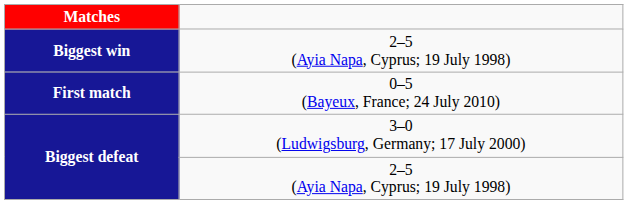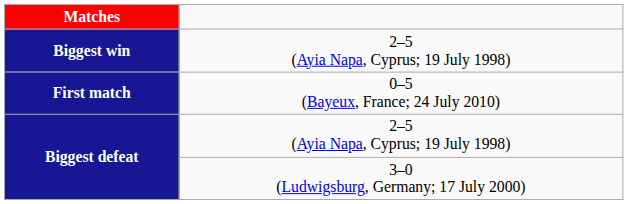 <table class="wikitable collapsible" style="width:50%; text-align:center;">
 <tr>
 <th style="background:#ff0000; color:white; "><strong>Matches</strong></th>
 </tr>
 <tr>
 <th style="background:#171796; color:white; ">Biggest win</th>
 <td> 2–5 <br>(<a href='#'>Ayia Napa</a>, Cyprus; 19 July 1998)</td>
 </tr>
 <tr>
 <th style="background:#171796; color:white; ">First match</th>
 <td> 0–5 <br>(<a href='#'>Bayeux</a>, France; 24 July 2010)</td>
 </tr>
 <tr>
 <th rowspan=2 style="background:#171796; color:white; ">Biggest defeat</th>
+<td> 2–5 <br>(<a href='#'>Ayia Napa</a>, Cyprus; 19 July 1998)</td>
+</tr>
+<tr>
 <td> 3–0 <br>(<a href='#'>Ludwigsburg</a>, Germany; 17 July 2000)</td>
 </tr>
-<tr>
-<td> 2–5 <br>(<a href='#'>Ayia Napa</a>, Cyprus; 19 July 1998)</td>
-</tr>
 </table>
